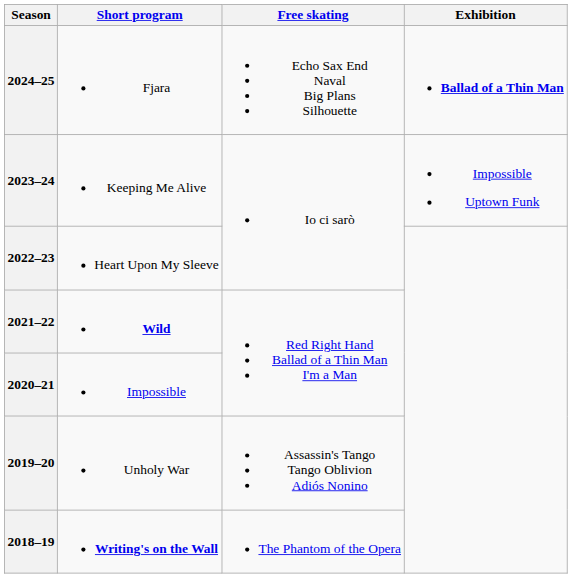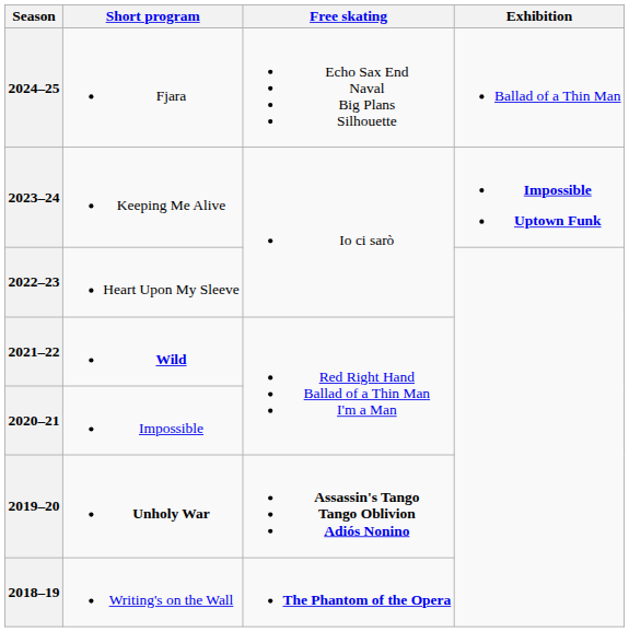 <table class=wikitable style=text-align:center>
 <tr>
 <th>Season</th>
 <th><a href='#'>Short program</a></th>
 <th><a href='#'>Free skating</a></th>
 <th>Exhibition</th>
 </tr>
 <tr>
 <th>2024–25 <br></th>
 <td><br><ul><li>Fjara <br></li></ul></td>
 <td><br><ul><li>Echo Sax End  <br> </li><li>Naval <br></li><li>Big Plans <br></li><li>Silhouette <br></li></ul></td>
-<td><strong><br><ul><li><a href='#'>Ballad of a Thin Man</a> <br> </li></ul></strong></td>
+<td><br><ul><li><a href='#'>Ballad of a Thin Man</a> <br> </li></ul></td>
 </tr>
 <tr>
 <th>2023–24 <br></th>
 <td><br><ul><li>Keeping Me Alive <br></li></ul></td>
 <td rowspan=2><br><ul><li>Io ci sarò <br> </li></ul></td>
-<td><br><ul><li><a href='#'>Impossible</a> <br></li></ul><ul><li><a href='#'>Uptown Funk</a> <br></li></ul></td>
+<td><strong><br><ul><li><a href='#'>Impossible</a> <br></li></ul><ul><li><a href='#'>Uptown Funk</a> <br></li></ul></strong></td>
 </tr>
 <tr>
 <th>2022–23 <br></th>
 <td><br><ul><li>Heart Upon My Sleeve <br></li></ul></td>
 </tr>
 <tr>
 <th>2021–22 <br></th>
 <td><strong><br><ul><li><a href='#'>Wild</a> <br></li></ul></strong></td>
 <td rowspan=2><br><ul><li><a href='#'>Red Right Hand</a> <br> </li><li><a href='#'>Ballad of a Thin Man</a> <br></li><li><a href='#'>I'm a Man</a> <br></li></ul></td>
 </tr>
 <tr>
 <th>2020–21 <br></th>
 <td><br><ul><li><a href='#'>Impossible</a> <br></li></ul></td>
 </tr>
 <tr>
 <th>2019–20 <br></th>
-<td><br><ul><li>Unholy War <br></li></ul></td>
-<td><br><ul><li>Assassin's Tango <br></li><li>Tango Oblivion <br></li><li><a href='#'>Adiós Nonino</a> <br></li></ul></td>
+<td><strong><br><ul><li>Unholy War <br></li></ul></strong></td>
+<td><strong><br><ul><li>Assassin's Tango <br></li><li>Tango Oblivion <br></li><li><a href='#'>Adiós Nonino</a> <br></li></ul></strong></td>
 </tr>
 <tr>
 <th>2018–19 <br></th>
-<td><strong><br><ul><li><a href='#'>Writing's on the Wall</a> <br></li></ul></strong></td>
-<td><br><ul><li><a href='#'>The Phantom of the Opera</a> <br></li></ul></td>
+<td><br><ul><li><a href='#'>Writing's on the Wall</a> <br></li></ul></td>
+<td><strong><br><ul><li><a href='#'>The Phantom of the Opera</a> <br></li></ul></strong></td>
 </tr>
 </table>
